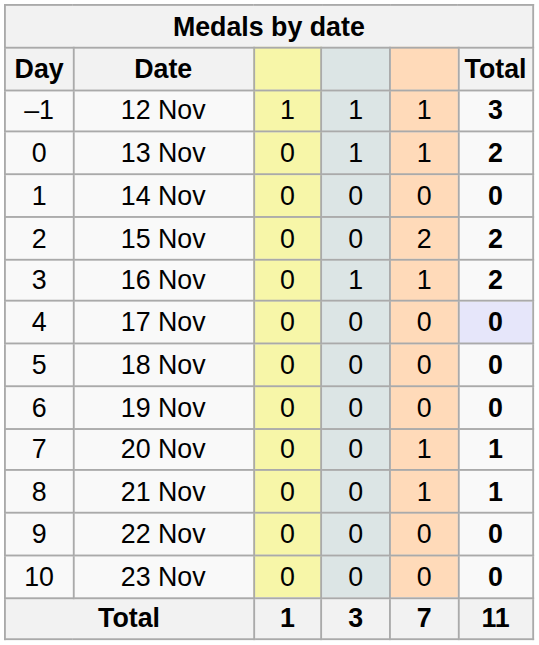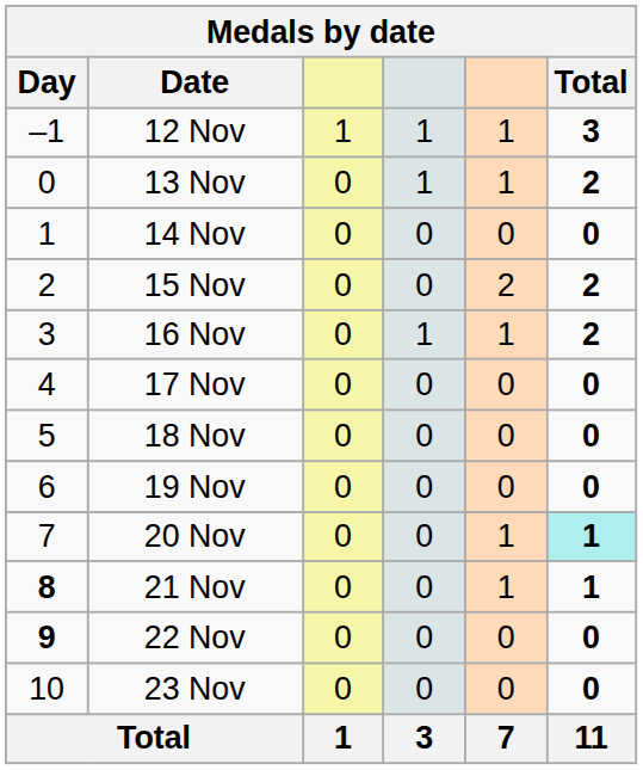 <table class="wikitable" style="font-size:90%; text-align:center;">
 <tr style="background:#efefef;">
 <th colspan=6><strong>Medals by date</strong></th>
 </tr>
 <tr>
 <th width=30><strong>Day</strong></th>
 <th width=90><strong>Date</strong></th>
 <th width=30 style="background:#F7F6A8;"></th>
 <th width=30 style="background:#DCE5E5;"></th>
 <th width=30 style="background:#FFDAB9;"></th>
 <th width=30><strong>Total</strong></th>
 </tr>
 <tr>
 <td>–1</td>
 <td>12 Nov</td>
 <td style="background:#F7F6A8;">1</td>
 <td style="background:#DCE5E5;">1</td>
 <td style="background:#FFDAB9;">1</td>
 <td><strong>3</strong></td>
 </tr>
 <tr>
 <td>0</td>
 <td>13 Nov</td>
 <td style="background:#F7F6A8;">0</td>
 <td style="background:#DCE5E5;">1</td>
 <td style="background:#FFDAB9;">1</td>
 <td><strong>2</strong></td>
 </tr>
 <tr>
 <td>1</td>
 <td>14 Nov</td>
 <td style="background:#F7F6A8;">0</td>
 <td style="background:#DCE5E5;">0</td>
 <td style="background:#FFDAB9;">0</td>
 <td><strong>0</strong></td>
 </tr>
 <tr>
 <td>2</td>
 <td>15 Nov</td>
 <td style="background:#F7F6A8;">0</td>
 <td style="background:#DCE5E5;">0</td>
 <td style="background:#FFDAB9;">2</td>
 <td><strong>2</strong></td>
 </tr>
 <tr>
 <td>3</td>
 <td>16 Nov</td>
 <td style="background:#F7F6A8;">0</td>
 <td style="background:#DCE5E5;">1</td>
 <td style="background:#FFDAB9;">1</td>
 <td><strong>2</strong></td>
 </tr>
 <tr>
 <td>4</td>
 <td>17 Nov</td>
 <td style="background:#F7F6A8;">0</td>
 <td style="background:#DCE5E5;">0</td>
 <td style="background:#FFDAB9;">0</td>
-<td style="background: lavender;"><strong>0</strong></td>
+<td><strong>0</strong></td>
 </tr>
 <tr>
 <td>5</td>
 <td>18 Nov</td>
 <td style="background:#F7F6A8;">0</td>
 <td style="background:#DCE5E5;">0</td>
 <td style="background:#FFDAB9;">0</td>
 <td><strong>0</strong></td>
 </tr>
 <tr>
 <td>6</td>
 <td>19 Nov</td>
 <td style="background:#F7F6A8;">0</td>
 <td style="background:#DCE5E5;">0</td>
 <td style="background:#FFDAB9;">0</td>
 <td><strong>0</strong></td>
 </tr>
 <tr>
 <td>7</td>
 <td>20 Nov</td>
 <td style="background:#F7F6A8;">0</td>
 <td style="background:#DCE5E5;">0</td>
 <td style="background:#FFDAB9;">1</td>
-<td><strong>1</strong></td>
+<td style="background: paleturquoise;"><strong>1</strong></td>
 </tr>
 <tr>
-<td>8</td>
+<td><strong>8</strong></td>
 <td>21 Nov</td>
 <td style="background:#F7F6A8;">0</td>
 <td style="background:#DCE5E5;">0</td>
 <td style="background:#FFDAB9;">1</td>
 <td><strong>1</strong></td>
 </tr>
 <tr>
-<td>9</td>
+<td><strong>9</strong></td>
 <td>22 Nov</td>
 <td style="background:#F7F6A8;">0</td>
 <td style="background:#DCE5E5;">0</td>
 <td style="background:#FFDAB9;">0</td>
 <td><strong>0</strong></td>
 </tr>
 <tr>
 <td>10</td>
 <td>23 Nov</td>
 <td style="background:#F7F6A8;">0</td>
 <td style="background:#DCE5E5;">0</td>
 <td style="background:#FFDAB9;">0</td>
 <td><strong>0</strong></td>
 </tr>
 <tr>
 <th colspan="2"><strong>Total</strong></th>
 <th><strong>1</strong></th>
 <th><strong>3</strong></th>
 <th><strong>7</strong></th>
 <th><strong>11</strong></th>
 </tr>
 </table>
